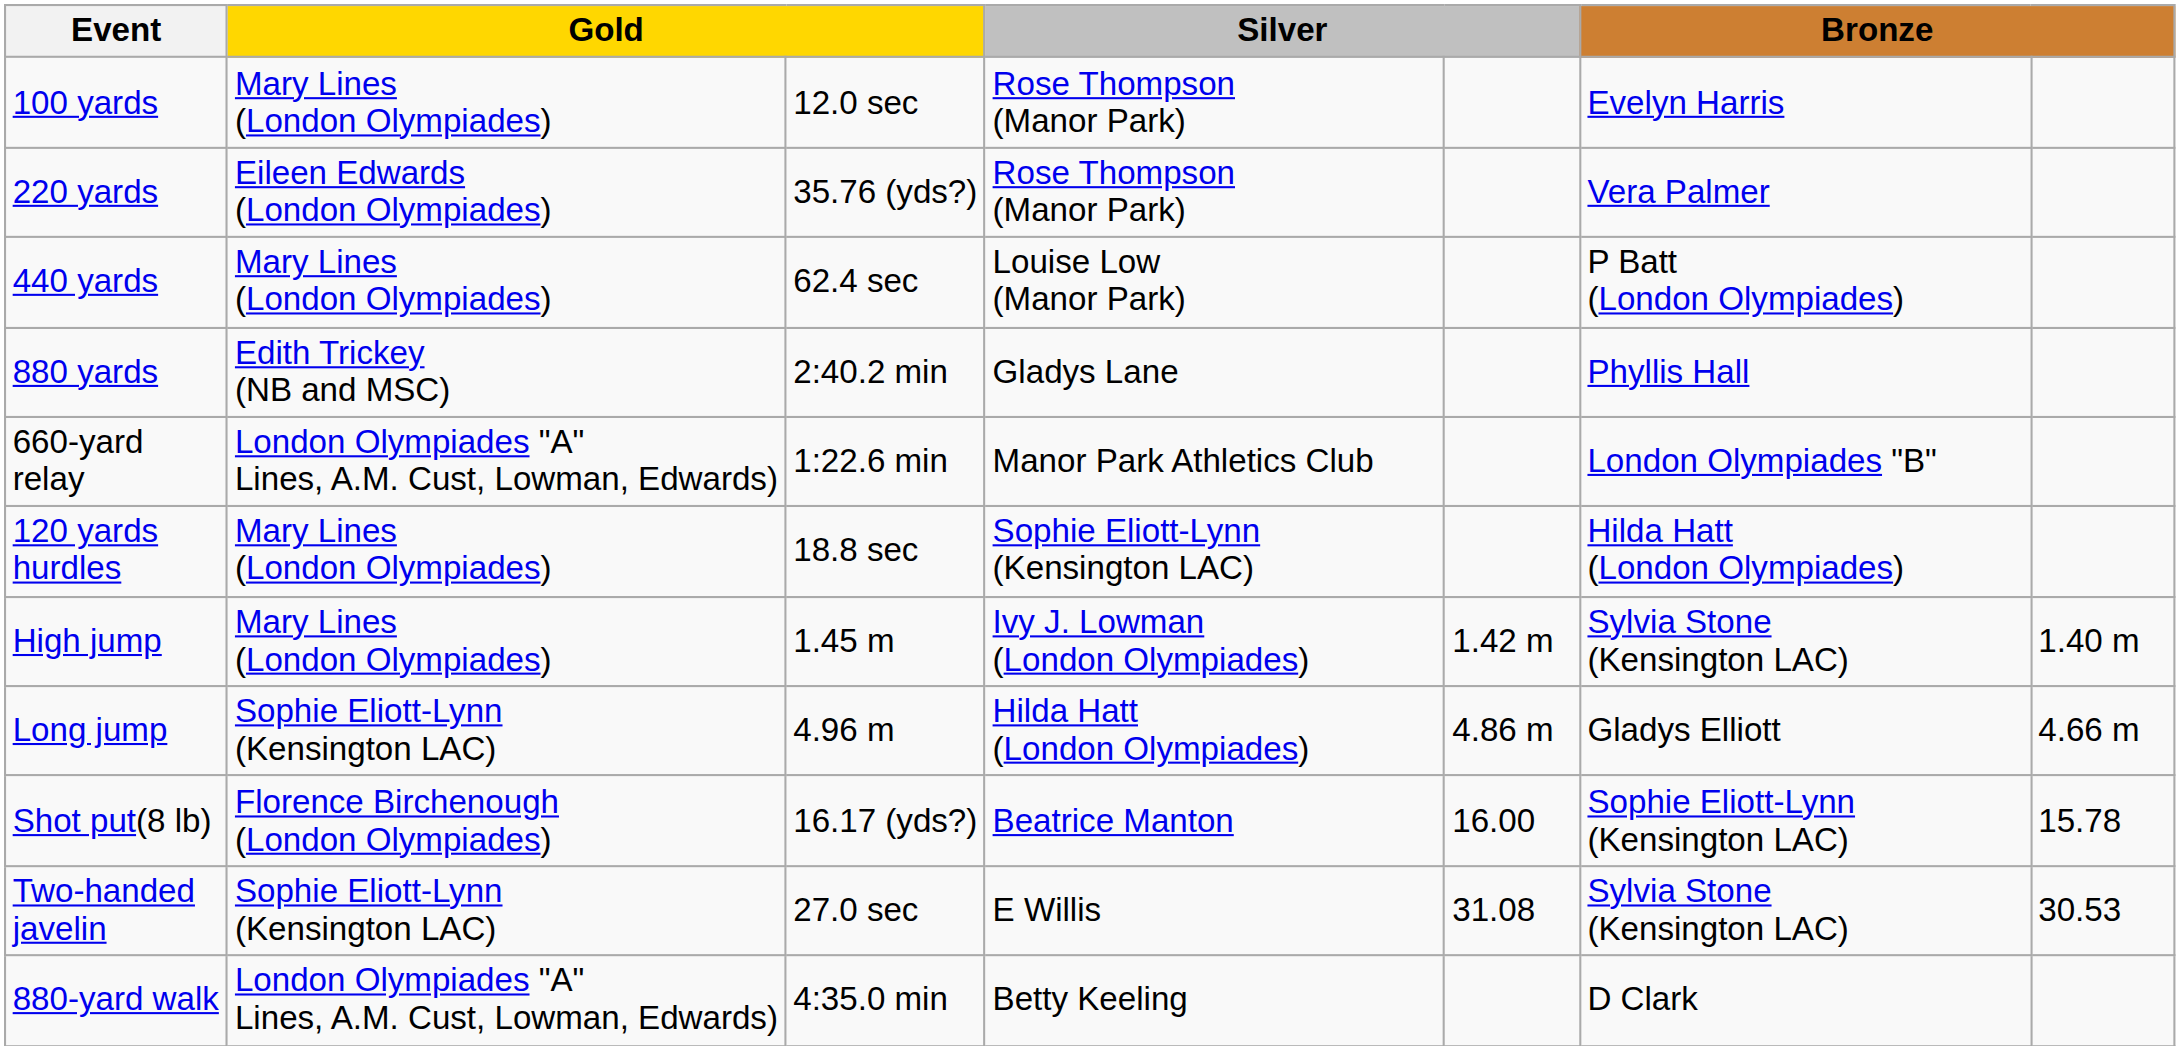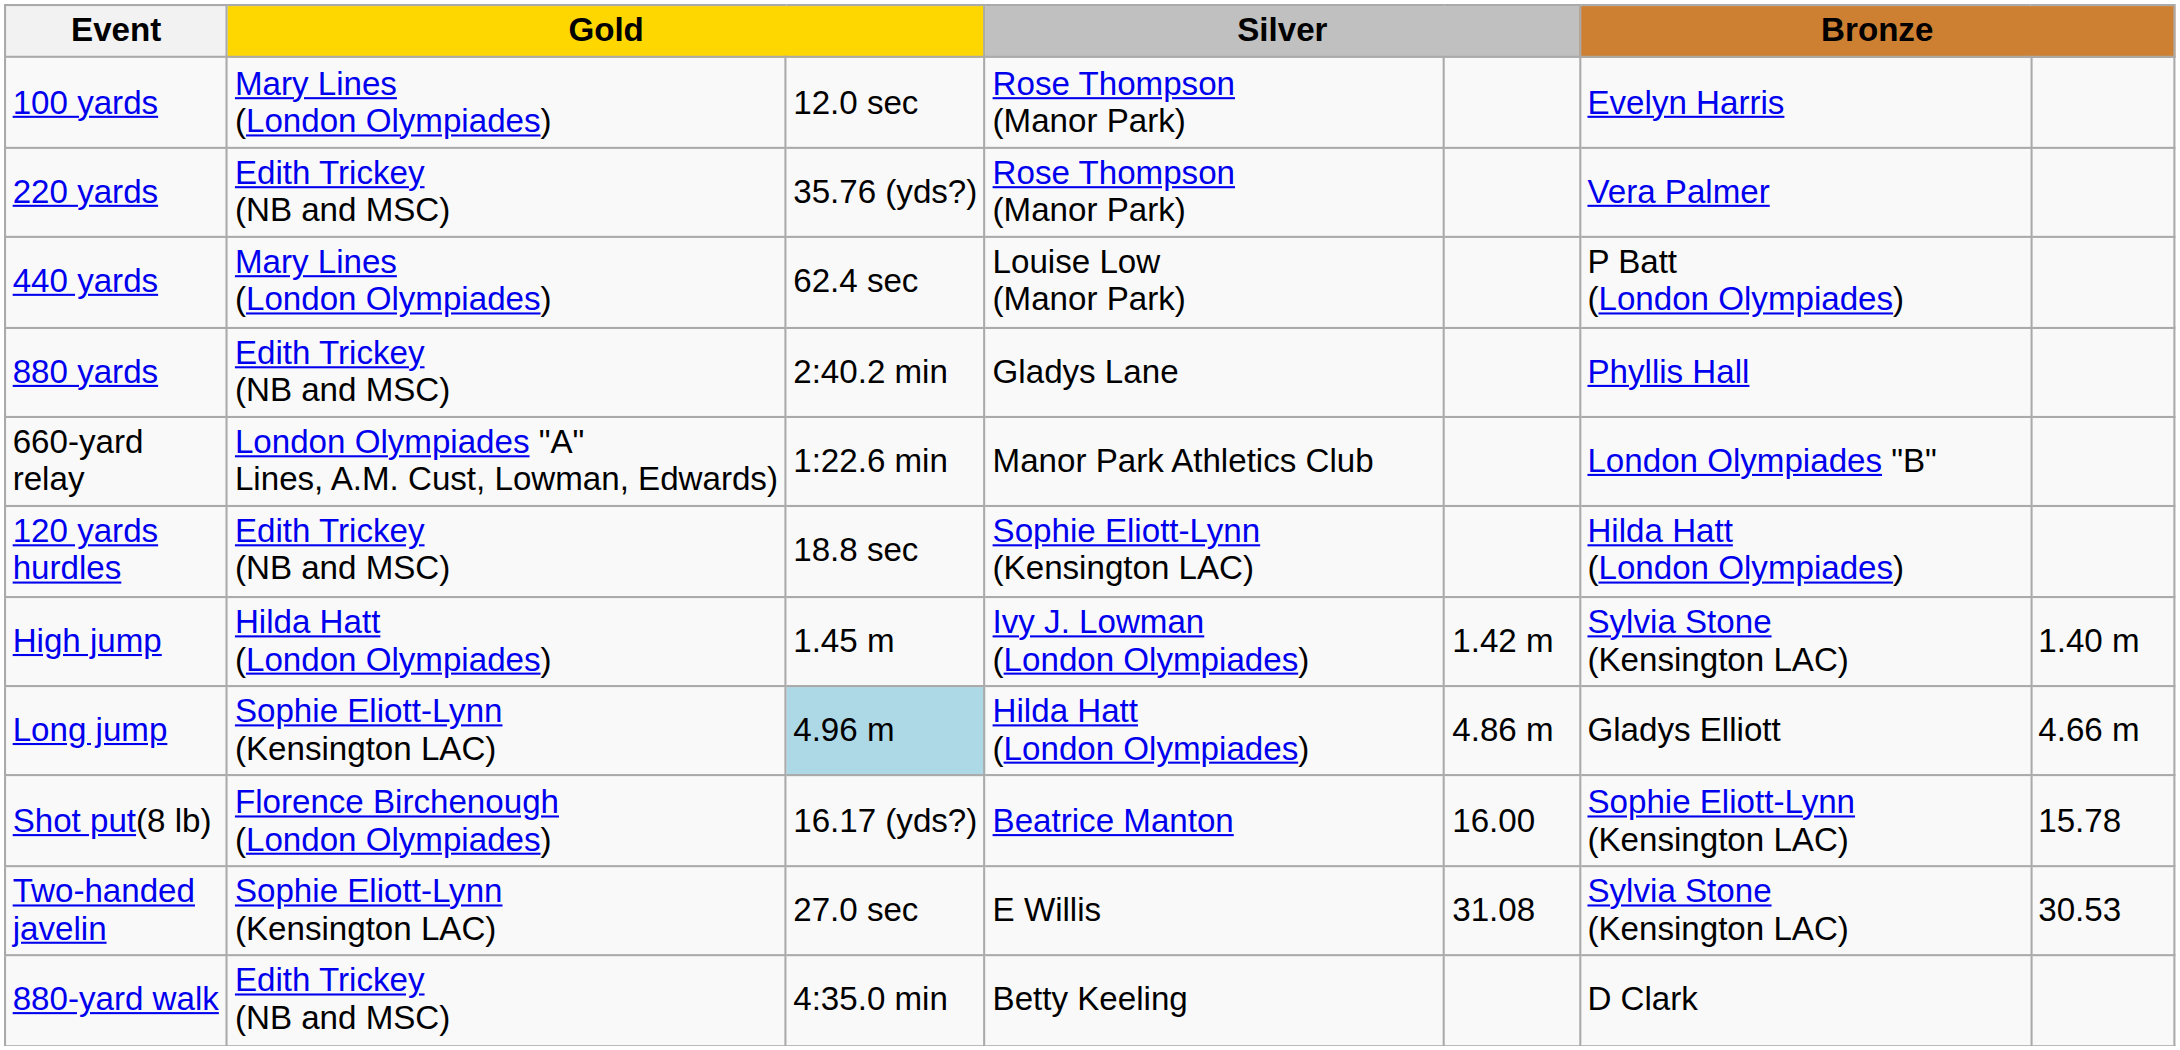 <table class="wikitable" style="text-align:left">
 <tr>
 <th width=100>Event</th>
 <th colspan="2" width="280" style="background:gold;">Gold</th>
 <th colspan="2" width="280" style="background:silver;">Silver</th>
 <th colspan="2" width="280" style="background:#CD7F32;">Bronze</th>
 </tr>
 <tr>
 <td><a href='#'>100 yards</a></td>
 <td><a href='#'>Mary Lines</a> <br>(<a href='#'>London Olympiades</a>)</td>
 <td>12.0 sec</td>
 <td><a href='#'>Rose Thompson</a><br> (Manor Park)</td>
 <td></td>
 <td><a href='#'>Evelyn Harris</a> <br></td>
 <td></td>
 </tr>
 <tr>
 <td><a href='#'>220 yards</a></td>
-<td><a href='#'>Eileen Edwards</a><br> (<a href='#'>London Olympiades</a>)</td>
+<td><a href='#'>Edith Trickey</a> <br>(NB and MSC)</td>
 <td>35.76 (yds?)</td>
 <td><a href='#'>Rose Thompson</a> <br>(Manor Park)</td>
 <td></td>
 <td><a href='#'>Vera Palmer</a><br></td>
 <td></td>
 </tr>
 <tr>
 <td><a href='#'>440 yards</a></td>
 <td><a href='#'>Mary Lines</a><br> (<a href='#'>London Olympiades</a>)</td>
 <td>62.4 sec </td>
 <td>Louise Low <br>(Manor Park)</td>
 <td></td>
 <td>P Batt <br>(<a href='#'>London Olympiades</a>)</td>
 <td></td>
 </tr>
 <tr>
 <td><a href='#'>880 yards</a></td>
 <td><a href='#'>Edith Trickey</a> <br>(NB and MSC)</td>
 <td>2:40.2 min</td>
 <td>Gladys Lane<br></td>
 <td></td>
 <td><a href='#'>Phyllis Hall</a> <br></td>
 <td></td>
 </tr>
 <tr>
 <td>660-yard relay</td>
 <td><a href='#'>London Olympiades</a> "A"<br>Lines, A.M. Cust, Lowman, Edwards)</td>
 <td>1:22.6 min</td>
 <td>Manor Park Athletics Club<br></td>
 <td></td>
 <td><a href='#'>London Olympiades</a> "B"<br></td>
 <td></td>
 </tr>
 <tr>
 <td><a href='#'>120 yards hurdles</a></td>
-<td><a href='#'>Mary Lines</a><br> (<a href='#'>London Olympiades</a>)</td>
+<td><a href='#'>Edith Trickey</a> <br>(NB and MSC)</td>
 <td>18.8 sec </td>
 <td><a href='#'>Sophie Eliott-Lynn</a> <br>(Kensington LAC)</td>
 <td></td>
 <td><a href='#'>Hilda Hatt</a><br> (<a href='#'>London Olympiades</a>)</td>
 <td></td>
 </tr>
 <tr>
 <td><a href='#'>High jump</a></td>
-<td><a href='#'>Mary Lines</a> <br>(<a href='#'>London Olympiades</a>)</td>
+<td><a href='#'>Hilda Hatt</a> <br>(<a href='#'>London Olympiades</a>)</td>
 <td>1.45 m</td>
 <td><a href='#'>Ivy J. Lowman</a> <br>(<a href='#'>London Olympiades</a>)</td>
 <td>1.42 m</td>
 <td><a href='#'>Sylvia Stone</a> <br>(Kensington LAC)</td>
 <td>1.40 m</td>
 </tr>
 <tr>
 <td><a href='#'>Long jump</a></td>
 <td><a href='#'>Sophie Eliott-Lynn</a> <br>(Kensington LAC)</td>
-<td>4.96 m</td>
+<td style="background: lightblue;">4.96 m</td>
 <td><a href='#'>Hilda Hatt</a> <br>(<a href='#'>London Olympiades</a>)</td>
 <td>4.86 m</td>
 <td>Gladys Elliott <br></td>
 <td>4.66 m</td>
 </tr>
 <tr>
 <td><a href='#'>Shot put</a>(8 lb)</td>
 <td><a href='#'>Florence Birchenough</a> <br>(<a href='#'>London Olympiades</a>)</td>
 <td>16.17 (yds?)</td>
 <td><a href='#'>Beatrice Manton</a> <br></td>
 <td>16.00</td>
 <td><a href='#'>Sophie Eliott-Lynn</a> <br>(Kensington LAC)</td>
 <td>15.78</td>
 </tr>
 <tr>
 <td><a href='#'>Two-handed javelin</a></td>
 <td><a href='#'>Sophie Eliott-Lynn</a> <br>(Kensington LAC)</td>
 <td>27.0 sec</td>
 <td>E Willis<br></td>
 <td>31.08</td>
 <td><a href='#'>Sylvia Stone</a><br>(Kensington LAC)</td>
 <td>30.53</td>
 </tr>
 <tr>
 <td><a href='#'>880-yard walk</a></td>
-<td><a href='#'>London Olympiades</a> "A"<br>Lines, A.M. Cust, Lowman, Edwards)</td>
+<td><a href='#'>Edith Trickey</a> <br>(NB and MSC)</td>
 <td>4:35.0 min </td>
 <td>Betty Keeling<br></td>
 <td></td>
 <td>D Clark<br></td>
 <td></td>
 </tr>
 </table>
